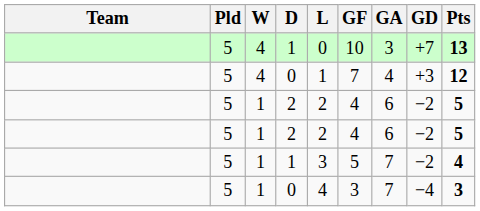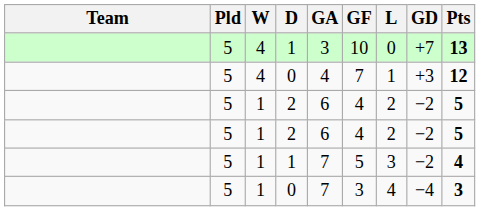 <table class="wikitable" style="text-align:center;">
 <tr>
 <th width=175>Team</th>
 <th width=20 abbr="Played">Pld</th>
 <th width=20 abbr="Won">W</th>
 <th width=20 abbr="Drawn">D</th>
+<th width=20 abbr="Goals against">GA</th>
+<th width=20 abbr="Goals for">GF</th>
 <th width=20 abbr="Lost">L</th>
-<th width=20 abbr="Goals for">GF</th>
-<th width=20 abbr="Goals against">GA</th>
 <th width=20 abbr="Goal difference">GD</th>
 <th width=20 abbr="Points">Pts</th>
 </tr>
 <tr bgcolor=#ccffcc>
 <td align=left></td>
 <td>5</td>
 <td>4</td>
 <td>1</td>
+<td>3</td>
+<td>10</td>
 <td>0</td>
-<td>10</td>
-<td>3</td>
 <td>+7</td>
 <td><strong>13</strong></td>
 </tr>
 <tr>
 <td align=left></td>
 <td>5</td>
 <td>4</td>
 <td>0</td>
+<td>4</td>
+<td>7</td>
 <td>1</td>
-<td>7</td>
-<td>4</td>
 <td>+3</td>
 <td><strong>12</strong></td>
 </tr>
 <tr>
 <td align=left></td>
 <td>5</td>
 <td>1</td>
 <td>2</td>
+<td>6</td>
+<td>4</td>
 <td>2</td>
-<td>4</td>
-<td>6</td>
 <td>−2</td>
 <td><strong>5</strong></td>
 </tr>
 <tr>
 <td align=left></td>
 <td>5</td>
 <td>1</td>
 <td>2</td>
+<td>6</td>
+<td>4</td>
 <td>2</td>
-<td>4</td>
-<td>6</td>
 <td>−2</td>
 <td><strong>5</strong></td>
 </tr>
 <tr>
 <td align=left></td>
 <td>5</td>
 <td>1</td>
 <td>1</td>
+<td>7</td>
+<td>5</td>
 <td>3</td>
-<td>5</td>
-<td>7</td>
 <td>−2</td>
 <td><strong>4</strong></td>
 </tr>
 <tr>
 <td align=left></td>
 <td>5</td>
 <td>1</td>
 <td>0</td>
+<td>7</td>
+<td>3</td>
 <td>4</td>
-<td>3</td>
-<td>7</td>
 <td>−4</td>
 <td><strong>3</strong></td>
 </tr>
 </table>
